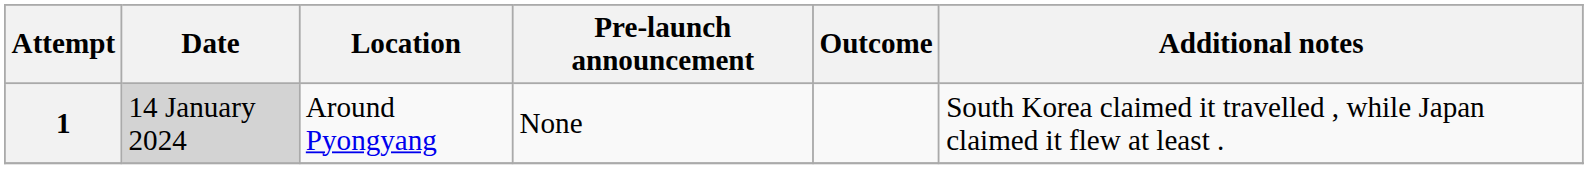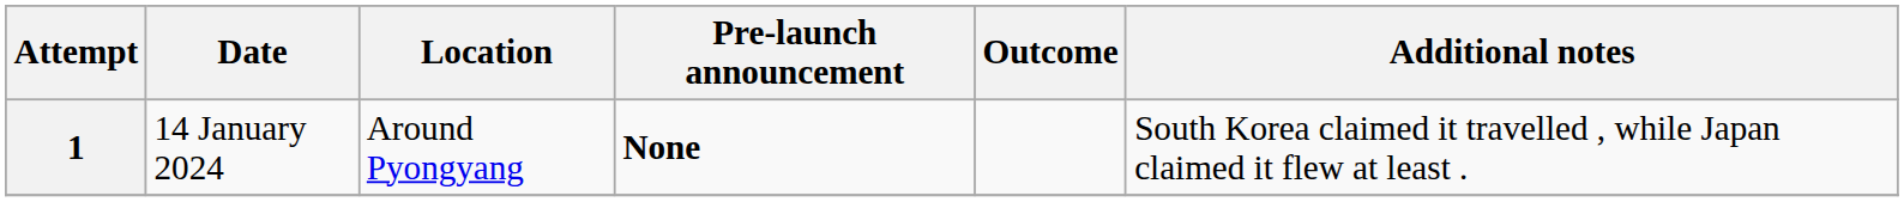 <table class="wikitable">
 <tr>
 <th scope="col">Attempt</th>
 <th scope="col">Date</th>
 <th scope="col">Location</th>
 <th scope="col">Pre-launch announcement</th>
 <th scope="col">Outcome</th>
 <th scope="col">Additional notes</th>
 </tr>
 <tr>
 <th scope="row">1</th>
-<td style="background: lightgrey;">14 January 2024</td>
+<td>14 January 2024</td>
 <td>Around <a href='#'>Pyongyang</a></td>
-<td>None</td>
+<td><strong>None</strong></td>
 <td></td>
 <td>South Korea claimed it travelled , while Japan claimed it flew at least .</td>
 </tr>
 <tr>
 </tr>
 </table>
